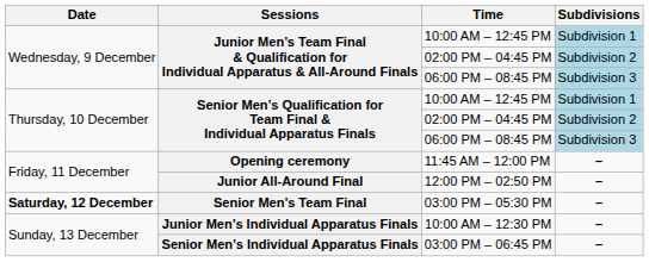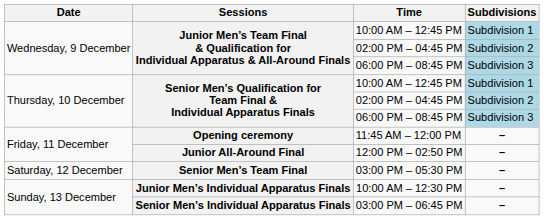 <table class="wikitable">
 <tr>
 <th>Date</th>
 <th>Sessions</th>
 <th>Time</th>
 <th>Subdivisions</th>
 </tr>
 <tr>
 <td rowspan="3">Wednesday, 9 December</td>
 <th rowspan="3">Junior Men’s Team Final<br>& Qualification for<br>Individual Apparatus & All-Around Finals</th>
 <td>10:00 AM – 12:45 PM</td>
 <td bgcolor="add8e6">Subdivision 1</td>
 </tr>
 <tr>
 <td>02:00 PM – 04:45 PM</td>
 <td bgcolor="add8e6">Subdivision 2</td>
 </tr>
 <tr>
 <td>06:00 PM – 08:45 PM</td>
 <td bgcolor="add8e6">Subdivision 3</td>
 </tr>
 <tr>
 <td rowspan="3">Thursday, 10 December</td>
 <th rowspan="3">Senior Men’s Qualification for <br> Team Final & <br> Individual Apparatus Finals</th>
 <td>10:00 AM – 12:45 PM</td>
 <td bgcolor="add8e6">Subdivision 1</td>
 </tr>
 <tr>
 <td>02:00 PM – 04:45 PM</td>
 <td bgcolor="add8e6">Subdivision 2</td>
 </tr>
 <tr>
 <td>06:00 PM – 08:45 PM</td>
 <td bgcolor="add8e6">Subdivision 3</td>
 </tr>
 <tr>
 <td rowspan="2">Friday, 11 December</td>
 <th>Opening ceremony</th>
 <td>11:45 AM – 12:00 PM</td>
 <td align="center"><strong>–</strong></td>
 </tr>
 <tr>
 <th>Junior All-Around Final</th>
 <td>12:00 PM – 02:50 PM</td>
 <td align="center"><strong>–</strong></td>
 </tr>
 <tr>
-<td><strong>Saturday, 12 December</strong></td>
+<td>Saturday, 12 December</td>
 <th align="center">Senior Men’s Team Final</th>
 <td align="center">03:00 PM – 05:30 PM</td>
 <td align="center"><strong>–</strong></td>
 </tr>
 <tr>
 <td rowspan="2">Sunday, 13 December</td>
 <th align="center">Junior Men’s Individual Apparatus Finals</th>
 <td align="center">10:00 AM – 12:30 PM</td>
 <td align="center"><strong>–</strong></td>
 </tr>
 <tr>
 <th align="center">Senior  Men’s  Individual  Apparatus  Finals</th>
 <td align="center">03:00 PM – 06:45 PM</td>
 <td align="center"><strong>–</strong></td>
 </tr>
 </table>
